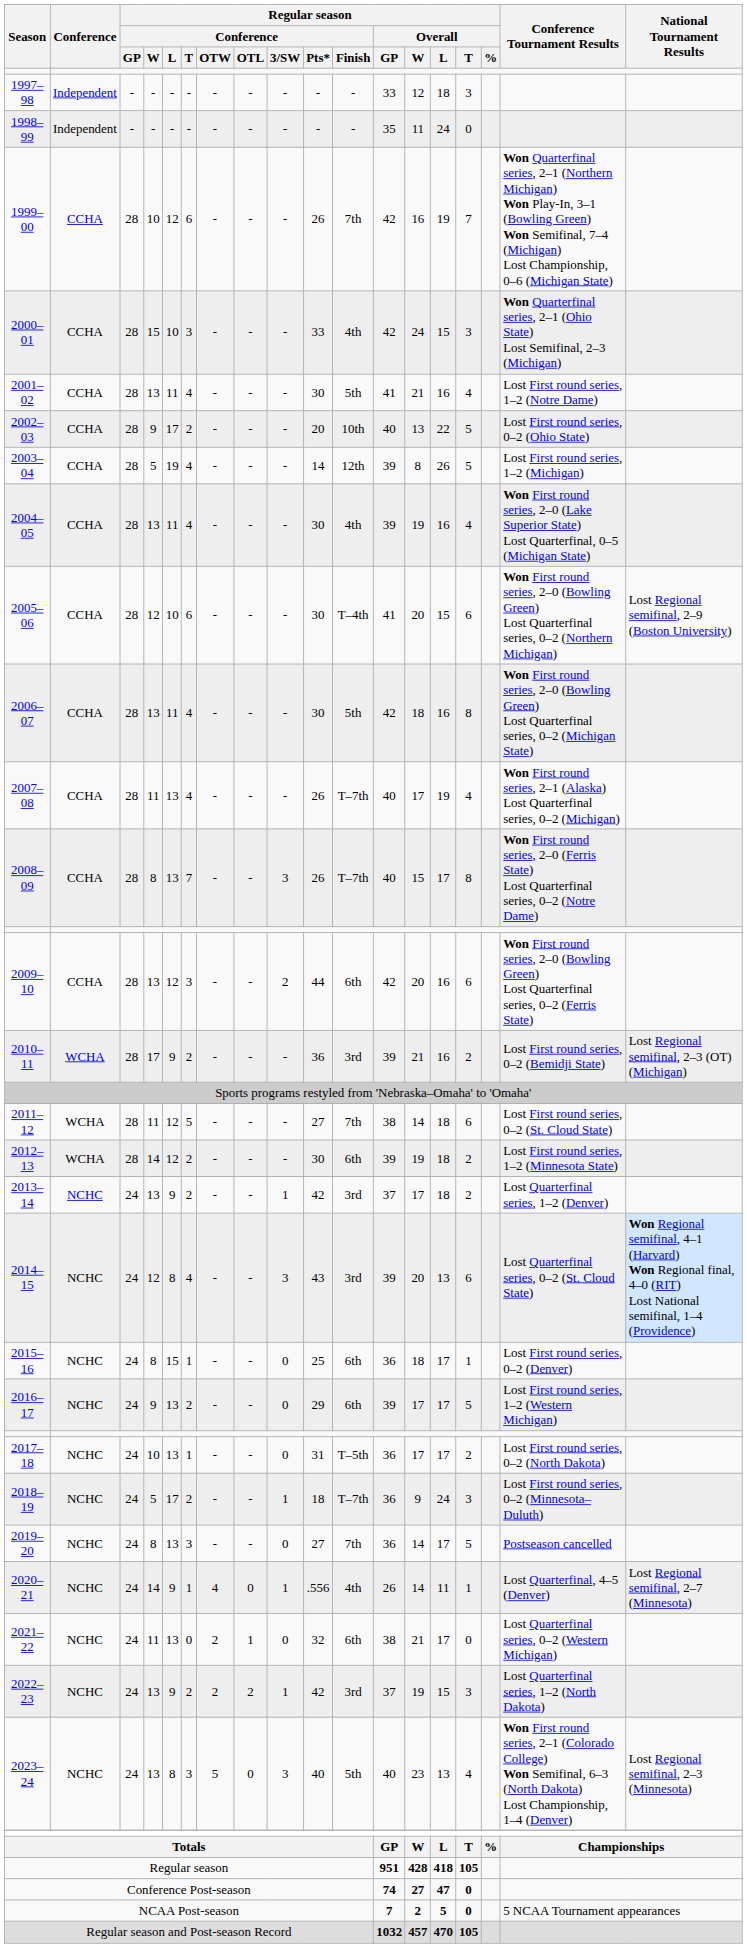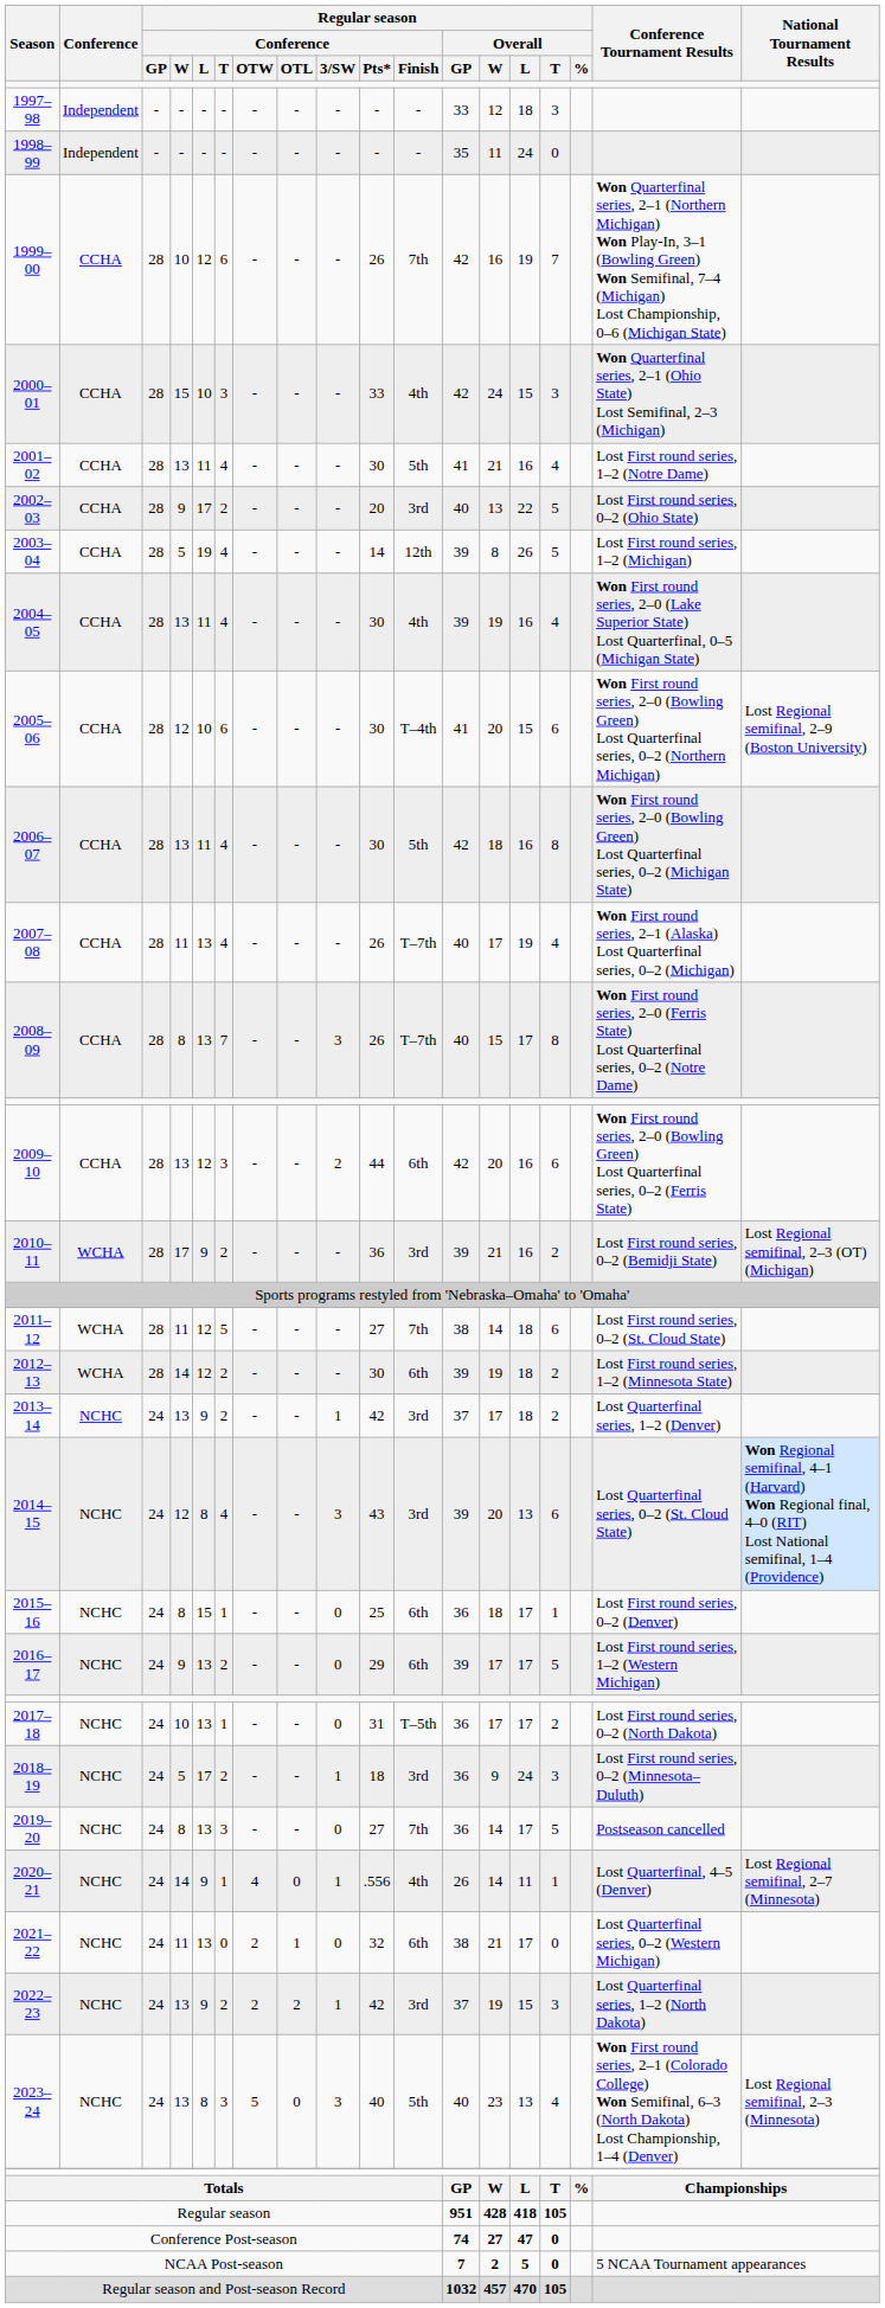 <table class="wikitable" style="text-align: center; font-size: 95%">
 <tr>
 <th rowspan="3">Season</th>
 <th rowspan="3">Conference</th>
 <th colspan="14">Regular season</th>
 <th rowspan="3">Conference Tournament Results</th>
 <th rowspan="3">National Tournament Results</th>
 </tr>
 <tr>
 <th colspan="9">Conference</th>
 <th colspan="5">Overall</th>
 </tr>
 <tr>
 <th>GP</th>
 <th>W</th>
 <th>L</th>
 <th>T</th>
 <th>OTW</th>
 <th>OTL</th>
 <th>3/SW</th>
 <th>Pts*</th>
 <th>Finish</th>
 <th>GP</th>
 <th>W</th>
 <th>L</th>
 <th>T</th>
 <th>%</th>
 </tr>
 <tr>
 <td><a href='#'></a> </td>
 </tr>
 <tr>
 <td><a href='#'>1997–98</a></td>
 <td><a href='#'>Independent</a></td>
 <td>-</td>
 <td>-</td>
 <td>-</td>
 <td>-</td>
 <td>-</td>
 <td>-</td>
 <td>-</td>
 <td>-</td>
 <td>-</td>
 <td>33</td>
 <td>12</td>
 <td>18</td>
 <td>3</td>
 <td></td>
 <td align="left"></td>
 <td align="left"></td>
 </tr>
 <tr bgcolor=#eeeeee>
 <td><a href='#'>1998–99</a></td>
 <td>Independent</td>
 <td>-</td>
 <td>-</td>
 <td>-</td>
 <td>-</td>
 <td>-</td>
 <td>-</td>
 <td>-</td>
 <td>-</td>
 <td>-</td>
 <td>35</td>
 <td>11</td>
 <td>24</td>
 <td>0</td>
 <td></td>
 <td align="left"></td>
 <td align="left"></td>
 </tr>
 <tr>
 <td><a href='#'>1999–00</a></td>
 <td><a href='#'>CCHA</a></td>
 <td>28</td>
 <td>10</td>
 <td>12</td>
 <td>6</td>
 <td>-</td>
 <td>-</td>
 <td>-</td>
 <td>26</td>
 <td>7th</td>
 <td>42</td>
 <td>16</td>
 <td>19</td>
 <td>7</td>
 <td></td>
 <td align="left"><strong>Won</strong> <a href='#'>Quarterfinal series</a>, 2–1 (<a href='#'>Northern Michigan</a>)<br><strong>Won</strong> Play-In, 3–1 (<a href='#'>Bowling Green</a>)<br><strong>Won</strong> Semifinal, 7–4 (<a href='#'>Michigan</a>)<br>Lost Championship, 0–6 (<a href='#'>Michigan State</a>)</td>
 <td align="left"></td>
 </tr>
 <tr bgcolor=#eeeeee>
 <td><a href='#'>2000–01</a></td>
 <td>CCHA</td>
 <td>28</td>
 <td>15</td>
 <td>10</td>
 <td>3</td>
 <td>-</td>
 <td>-</td>
 <td>-</td>
 <td>33</td>
 <td>4th</td>
 <td>42</td>
 <td>24</td>
 <td>15</td>
 <td>3</td>
 <td></td>
 <td align="left"><strong>Won</strong> <a href='#'>Quarterfinal series</a>, 2–1 (<a href='#'>Ohio State</a>)<br>Lost Semifinal, 2–3 (<a href='#'>Michigan</a>)</td>
 <td align="left"></td>
 </tr>
 <tr>
 <td><a href='#'>2001–02</a></td>
 <td>CCHA</td>
 <td>28</td>
 <td>13</td>
 <td>11</td>
 <td>4</td>
 <td>-</td>
 <td>-</td>
 <td>-</td>
 <td>30</td>
 <td>5th</td>
 <td>41</td>
 <td>21</td>
 <td>16</td>
 <td>4</td>
 <td></td>
 <td align="left">Lost <a href='#'>First round series</a>, 1–2 (<a href='#'>Notre Dame</a>)</td>
 <td align="left"></td>
 </tr>
 <tr bgcolor=#eeeeee>
 <td><a href='#'>2002–03</a></td>
 <td>CCHA</td>
 <td>28</td>
 <td>9</td>
 <td>17</td>
 <td>2</td>
 <td>-</td>
 <td>-</td>
 <td>-</td>
 <td>20</td>
-<td>10th</td>
+<td>3rd</td>
 <td>40</td>
 <td>13</td>
 <td>22</td>
 <td>5</td>
 <td></td>
 <td align="left">Lost <a href='#'>First round series</a>, 0–2 (<a href='#'>Ohio State</a>)</td>
 <td align="left"></td>
 </tr>
 <tr>
 <td><a href='#'>2003–04</a></td>
 <td>CCHA</td>
 <td>28</td>
 <td>5</td>
 <td>19</td>
 <td>4</td>
 <td>-</td>
 <td>-</td>
 <td>-</td>
 <td>14</td>
 <td>12th</td>
 <td>39</td>
 <td>8</td>
 <td>26</td>
 <td>5</td>
 <td></td>
 <td align="left">Lost <a href='#'>First round series</a>, 1–2 (<a href='#'>Michigan</a>)</td>
 <td align="left"></td>
 </tr>
 <tr bgcolor=#eeeeee>
 <td><a href='#'>2004–05</a></td>
 <td>CCHA</td>
 <td>28</td>
 <td>13</td>
 <td>11</td>
 <td>4</td>
 <td>-</td>
 <td>-</td>
 <td>-</td>
 <td>30</td>
 <td>4th</td>
 <td>39</td>
 <td>19</td>
 <td>16</td>
 <td>4</td>
 <td></td>
 <td align="left"><strong>Won</strong> <a href='#'>First round series</a>, 2–0 (<a href='#'>Lake Superior State</a>)<br>Lost Quarterfinal, 0–5 (<a href='#'>Michigan State</a>)</td>
 <td align="left"></td>
 </tr>
 <tr>
 <td><a href='#'>2005–06</a></td>
 <td>CCHA</td>
 <td>28</td>
 <td>12</td>
 <td>10</td>
 <td>6</td>
 <td>-</td>
 <td>-</td>
 <td>-</td>
 <td>30</td>
 <td>T–4th</td>
 <td>41</td>
 <td>20</td>
 <td>15</td>
 <td>6</td>
 <td></td>
 <td align="left"><strong>Won</strong> <a href='#'>First round series</a>, 2–0 (<a href='#'>Bowling Green</a>)<br>Lost Quarterfinal series, 0–2 (<a href='#'>Northern Michigan</a>)</td>
 <td align="left">Lost <a href='#'>Regional semifinal</a>, 2–9 (<a href='#'>Boston University</a>)</td>
 </tr>
 <tr bgcolor=#eeeeee>
 <td><a href='#'>2006–07</a></td>
 <td>CCHA</td>
 <td>28</td>
 <td>13</td>
 <td>11</td>
 <td>4</td>
 <td>-</td>
 <td>-</td>
 <td>-</td>
 <td>30</td>
 <td>5th</td>
 <td>42</td>
 <td>18</td>
 <td>16</td>
 <td>8</td>
 <td></td>
 <td align="left"><strong>Won</strong> <a href='#'>First round series</a>, 2–0 (<a href='#'>Bowling Green</a>)<br>Lost Quarterfinal series, 0–2 (<a href='#'>Michigan State</a>)</td>
 <td align="left"></td>
 </tr>
 <tr>
 <td><a href='#'>2007–08</a></td>
 <td>CCHA</td>
 <td>28</td>
 <td>11</td>
 <td>13</td>
 <td>4</td>
 <td>-</td>
 <td>-</td>
 <td>-</td>
 <td>26</td>
 <td>T–7th</td>
 <td>40</td>
 <td>17</td>
 <td>19</td>
 <td>4</td>
 <td></td>
 <td align="left"><strong>Won</strong> <a href='#'>First round series</a>, 2–1 (<a href='#'>Alaska</a>)<br>Lost Quarterfinal series, 0–2 (<a href='#'>Michigan</a>)</td>
 <td align="left"></td>
 </tr>
 <tr bgcolor=#eeeeee>
 <td><a href='#'>2008–09</a></td>
 <td>CCHA</td>
 <td>28</td>
 <td>8</td>
 <td>13</td>
 <td>7</td>
 <td>-</td>
 <td>-</td>
 <td>3</td>
 <td>26</td>
 <td>T–7th</td>
 <td>40</td>
 <td>15</td>
 <td>17</td>
 <td>8</td>
 <td></td>
 <td align="left"><strong>Won</strong> <a href='#'>First round series</a>, 2–0 (<a href='#'>Ferris State</a>)<br>Lost Quarterfinal series, 0–2 (<a href='#'>Notre Dame</a>)</td>
 <td align="left"></td>
 </tr>
 <tr>
 <td><a href='#'></a> </td>
 </tr>
 <tr>
 <td><a href='#'>2009–10</a></td>
 <td>CCHA</td>
 <td>28</td>
 <td>13</td>
 <td>12</td>
 <td>3</td>
 <td>-</td>
 <td>-</td>
 <td>2</td>
 <td>44</td>
 <td>6th</td>
 <td>42</td>
 <td>20</td>
 <td>16</td>
 <td>6</td>
 <td></td>
 <td align="left"><strong>Won</strong> <a href='#'>First round series</a>, 2–0 (<a href='#'>Bowling Green</a>)<br>Lost Quarterfinal series, 0–2 (<a href='#'>Ferris State</a>)</td>
 <td align="left"></td>
 </tr>
 <tr bgcolor=#eeeeee>
 <td><a href='#'>2010–11</a></td>
 <td><a href='#'>WCHA</a></td>
 <td>28</td>
 <td>17</td>
 <td>9</td>
 <td>2</td>
 <td>-</td>
 <td>-</td>
 <td>-</td>
 <td>36</td>
 <td>3rd</td>
 <td>39</td>
 <td>21</td>
 <td>16</td>
 <td>2</td>
 <td></td>
 <td align="left">Lost <a href='#'>First round series</a>, 0–2 (<a href='#'>Bemidji State</a>)</td>
 <td align="left">Lost <a href='#'>Regional semifinal</a>, 2–3 (OT) (<a href='#'>Michigan</a>)</td>
 </tr>
 <tr>
 <td style="background:#cccccc;" colspan="18">Sports programs restyled from 'Nebraska–Omaha' to 'Omaha'</td>
 </tr>
 <tr>
 <td><a href='#'>2011–12</a></td>
 <td>WCHA</td>
 <td>28</td>
 <td>11</td>
 <td>12</td>
 <td>5</td>
 <td>-</td>
 <td>-</td>
 <td>-</td>
 <td>27</td>
 <td>7th</td>
 <td>38</td>
 <td>14</td>
 <td>18</td>
 <td>6</td>
 <td></td>
 <td align="left">Lost <a href='#'>First round series</a>, 0–2 (<a href='#'>St. Cloud State</a>)</td>
 <td align="left"></td>
 </tr>
 <tr bgcolor=#eeeeee>
 <td><a href='#'>2012–13</a></td>
 <td>WCHA</td>
 <td>28</td>
 <td>14</td>
 <td>12</td>
 <td>2</td>
 <td>-</td>
 <td>-</td>
 <td>-</td>
 <td>30</td>
 <td>6th</td>
 <td>39</td>
 <td>19</td>
 <td>18</td>
 <td>2</td>
 <td></td>
 <td align="left">Lost <a href='#'>First round series</a>, 1–2 (<a href='#'>Minnesota State</a>)</td>
 <td align="left"></td>
 </tr>
 <tr>
 <td><a href='#'>2013–14</a></td>
 <td><a href='#'>NCHC</a></td>
 <td>24</td>
 <td>13</td>
 <td>9</td>
 <td>2</td>
 <td>-</td>
 <td>-</td>
 <td>1</td>
 <td>42</td>
 <td>3rd</td>
 <td>37</td>
 <td>17</td>
 <td>18</td>
 <td>2</td>
 <td></td>
 <td align="left">Lost <a href='#'>Quarterfinal series</a>, 1–2 (<a href='#'>Denver</a>)</td>
 <td align="left"></td>
 </tr>
 <tr bgcolor=#eeeeee>
 <td><a href='#'>2014–15</a></td>
 <td>NCHC</td>
 <td>24</td>
 <td>12</td>
 <td>8</td>
 <td>4</td>
 <td>-</td>
 <td>-</td>
 <td>3</td>
 <td>43</td>
 <td>3rd</td>
 <td>39</td>
 <td>20</td>
 <td>13</td>
 <td>6</td>
 <td></td>
 <td align="left">Lost <a href='#'>Quarterfinal series</a>, 0–2 (<a href='#'>St. Cloud State</a>)</td>
 <td style="background: #D0E7FF;" align="left"><strong>Won</strong> <a href='#'>Regional semifinal</a>, 4–1 (<a href='#'>Harvard</a>)<br><strong>Won</strong> Regional final, 4–0 (<a href='#'>RIT</a>)<br>Lost National semifinal, 1–4 (<a href='#'>Providence</a>)</td>
 </tr>
 <tr>
 <td><a href='#'>2015–16</a></td>
 <td>NCHC</td>
 <td>24</td>
 <td>8</td>
 <td>15</td>
 <td>1</td>
 <td>-</td>
 <td>-</td>
 <td>0</td>
 <td>25</td>
 <td>6th</td>
 <td>36</td>
 <td>18</td>
 <td>17</td>
 <td>1</td>
 <td></td>
 <td align="left">Lost <a href='#'>First round series</a>, 0–2 (<a href='#'>Denver</a>)</td>
 <td align="left"></td>
 </tr>
 <tr bgcolor=#eeeeee>
 <td><a href='#'>2016–17</a></td>
 <td>NCHC</td>
 <td>24</td>
 <td>9</td>
 <td>13</td>
 <td>2</td>
 <td>-</td>
 <td>-</td>
 <td>0</td>
 <td>29</td>
 <td>6th</td>
 <td>39</td>
 <td>17</td>
 <td>17</td>
 <td>5</td>
 <td></td>
 <td align="left">Lost <a href='#'>First round series</a>, 1–2 (<a href='#'>Western Michigan</a>)</td>
 <td align="left"></td>
 </tr>
 <tr>
 <td><a href='#'></a> </td>
 </tr>
 <tr>
 <td><a href='#'>2017–18</a></td>
 <td>NCHC</td>
 <td>24</td>
 <td>10</td>
 <td>13</td>
 <td>1</td>
 <td>-</td>
 <td>-</td>
 <td>0</td>
 <td>31</td>
 <td>T–5th</td>
 <td>36</td>
 <td>17</td>
 <td>17</td>
 <td>2</td>
 <td></td>
 <td align="left">Lost <a href='#'>First round series</a>, 0–2 (<a href='#'>North Dakota</a>)</td>
 <td align="left"></td>
 </tr>
 <tr bgcolor=eeeeee>
 <td><a href='#'>2018–19</a></td>
 <td>NCHC</td>
 <td>24</td>
 <td>5</td>
 <td>17</td>
 <td>2</td>
 <td>-</td>
 <td>-</td>
 <td>1</td>
 <td>18</td>
-<td>T–7th</td>
+<td>3rd</td>
 <td>36</td>
 <td>9</td>
 <td>24</td>
 <td>3</td>
 <td></td>
 <td align="left">Lost <a href='#'>First round series</a>, 0–2 (<a href='#'>Minnesota–Duluth</a>)</td>
 <td align="left"></td>
 </tr>
 <tr>
 <td><a href='#'>2019–20</a></td>
 <td>NCHC</td>
 <td>24</td>
 <td>8</td>
 <td>13</td>
 <td>3</td>
 <td>-</td>
 <td>-</td>
 <td>0</td>
 <td>27</td>
 <td>7th</td>
 <td>36</td>
 <td>14</td>
 <td>17</td>
 <td>5</td>
 <td></td>
 <td align="left"><a href='#'>Postseason cancelled</a></td>
 <td align="left"></td>
 </tr>
 <tr bgcolor=eeeeee>
 <td><a href='#'>2020–21</a></td>
 <td>NCHC</td>
 <td>24</td>
 <td>14</td>
 <td>9</td>
 <td>1</td>
 <td>4</td>
 <td>0</td>
 <td>1</td>
 <td>.556</td>
 <td>4th</td>
 <td>26</td>
 <td>14</td>
 <td>11</td>
 <td>1</td>
 <td></td>
 <td align="left">Lost <a href='#'>Quarterfinal</a>, 4–5 (<a href='#'>Denver</a>)</td>
 <td align="left">Lost <a href='#'>Regional semifinal</a>, 2–7 (<a href='#'>Minnesota</a>)</td>
 </tr>
 <tr>
 <td><a href='#'>2021–22</a></td>
 <td>NCHC</td>
 <td>24</td>
 <td>11</td>
 <td>13</td>
 <td>0</td>
 <td>2</td>
 <td>1</td>
 <td>0</td>
 <td>32</td>
 <td>6th</td>
 <td>38</td>
 <td>21</td>
 <td>17</td>
 <td>0</td>
 <td></td>
 <td align="left">Lost <a href='#'>Quarterfinal series</a>, 0–2 (<a href='#'>Western Michigan</a>)</td>
 <td align="left"></td>
 </tr>
 <tr bgcolor=eeeeee>
 <td><a href='#'>2022–23</a></td>
 <td>NCHC</td>
 <td>24</td>
 <td>13</td>
 <td>9</td>
 <td>2</td>
 <td>2</td>
 <td>2</td>
 <td>1</td>
 <td>42</td>
 <td>3rd</td>
 <td>37</td>
 <td>19</td>
 <td>15</td>
 <td>3</td>
 <td></td>
 <td align="left">Lost <a href='#'>Quarterfinal series</a>, 1–2 (<a href='#'>North Dakota</a>)</td>
 <td align="left"></td>
 </tr>
 <tr>
 <td><a href='#'>2023–24</a></td>
 <td>NCHC</td>
 <td>24</td>
 <td>13</td>
 <td>8</td>
 <td>3</td>
 <td>5</td>
 <td>0</td>
 <td>3</td>
 <td>40</td>
 <td>5th</td>
 <td>40</td>
 <td>23</td>
 <td>13</td>
 <td>4</td>
 <td></td>
 <td align="left"><strong>Won</strong> <a href='#'>First round series</a>, 2–1 (<a href='#'>Colorado College</a>)<br><strong>Won</strong> Semifinal, 6–3 (<a href='#'>North Dakota</a>)<br>Lost Championship, 1–4 (<a href='#'>Denver</a>)</td>
 <td align="left">Lost <a href='#'>Regional semifinal</a>, 2–3 (<a href='#'>Minnesota</a>)</td>
 </tr>
 <tr>
 </tr>
 <tr ->
 </tr>
 <tr>
 <td colspan="18" style="background:#fff;"></td>
 </tr>
 <tr>
 <th colspan="11">Totals</th>
 <th>GP</th>
 <th>W</th>
 <th>L</th>
 <th>T</th>
 <th>%</th>
 <th colspan="2">Championships</th>
 </tr>
 <tr>
 <td colspan="11">Regular season</td>
 <td><strong>951</strong></td>
 <td><strong>428</strong></td>
 <td><strong>418</strong></td>
 <td><strong>105</strong></td>
 <td><strong></strong></td>
 <td colspan="2" align="left"></td>
 </tr>
 <tr>
 <td colspan="11">Conference Post-season</td>
 <td><strong>74</strong></td>
 <td><strong>27</strong></td>
 <td><strong>47</strong></td>
 <td><strong>0</strong></td>
 <td><strong></strong></td>
 <td colspan="2" align="left"></td>
 </tr>
 <tr>
 <td colspan="11">NCAA Post-season</td>
 <td><strong>7</strong></td>
 <td><strong>2</strong></td>
 <td><strong>5</strong></td>
 <td><strong>0</strong></td>
 <td><strong></strong></td>
 <td colspan="2" align="left">5 NCAA Tournament appearances</td>
 </tr>
 <tr bgcolor=dddddd>
 <td colspan="11">Regular season and Post-season Record</td>
 <td><strong>1032</strong></td>
 <td><strong>457</strong></td>
 <td><strong>470</strong></td>
 <td><strong>105</strong></td>
 <td><strong></strong></td>
 <td colspan="2" align="left"></td>
 </tr>
 </table>
